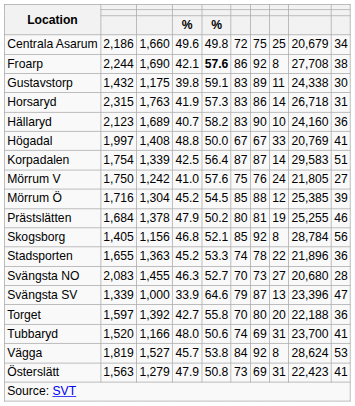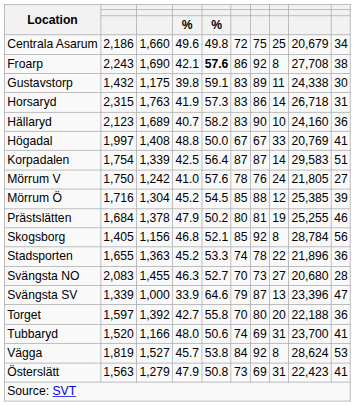 <table role="presentation" class="wikitable sortable mw-collapsible mw-collapsed">
 <tr>
 <th rowspan="3">Location</th>
 <th></th>
 <th></th>
 <th></th>
 <th></th>
 <th></th>
 <th></th>
 <th></th>
 <th></th>
 <th></th>
 </tr>
 <tr>
 <th></th>
 <th></th>
 <th style="background:"></th>
 <th style="background:"></th>
 <th></th>
 <th></th>
 <th></th>
 <th></th>
 <th></th>
 </tr>
 <tr>
 <th data-sort-type="number"></th>
 <th data-sort-type="number"></th>
 <th data-sort-type="number">%</th>
 <th data-sort-type="number">%</th>
 <th data-sort-type="number"></th>
 <th data-sort-type="number"></th>
 <th data-sort-type="number"></th>
 <th data-sort-type="number"></th>
 <th data-sort-type="number"></th>
 </tr>
 <tr>
 <td align="left">Centrala Asarum</td>
 <td>2,186</td>
 <td>1,660</td>
 <td>49.6</td>
 <td>49.8</td>
 <td>72</td>
 <td>75</td>
 <td>25</td>
 <td>20,679</td>
 <td>34</td>
 </tr>
 <tr>
 <td align="left">Froarp</td>
-<td>2,244</td>
+<td>2,243</td>
 <td>1,690</td>
 <td>42.1</td>
 <td><strong>57.6</strong></td>
 <td>86</td>
 <td>92</td>
 <td>8</td>
 <td>27,708</td>
 <td>38</td>
 </tr>
 <tr>
 <td align="left">Gustavstorp</td>
 <td>1,432</td>
 <td>1,175</td>
 <td>39.8</td>
 <td>59.1</td>
 <td>83</td>
 <td>89</td>
 <td>11</td>
 <td>24,338</td>
 <td>30</td>
 </tr>
 <tr>
 <td align="left">Horsaryd</td>
 <td>2,315</td>
 <td>1,763</td>
 <td>41.9</td>
 <td>57.3</td>
 <td>83</td>
 <td>86</td>
 <td>14</td>
 <td>26,718</td>
 <td>31</td>
 </tr>
 <tr>
 <td align="left">Hällaryd</td>
 <td>2,123</td>
 <td>1,689</td>
 <td>40.7</td>
 <td>58.2</td>
 <td>83</td>
 <td>90</td>
 <td>10</td>
 <td>24,160</td>
 <td>36</td>
 </tr>
 <tr>
 <td align="left">Högadal</td>
 <td>1,997</td>
 <td>1,408</td>
 <td>48.8</td>
 <td>50.0</td>
 <td>67</td>
 <td>67</td>
 <td>33</td>
 <td>20,769</td>
 <td>41</td>
 </tr>
 <tr>
 <td align="left">Korpadalen</td>
 <td>1,754</td>
 <td>1,339</td>
 <td>42.5</td>
 <td>56.4</td>
 <td>87</td>
 <td>87</td>
 <td>14</td>
 <td>29,583</td>
 <td>51</td>
 </tr>
 <tr>
 <td align="left">Mörrum V</td>
 <td>1,750</td>
 <td>1,242</td>
 <td>41.0</td>
 <td>57.6</td>
-<td>75</td>
+<td>78</td>
 <td>76</td>
 <td>24</td>
 <td>21,805</td>
 <td>27</td>
 </tr>
 <tr>
 <td align="left">Mörrum Ö</td>
 <td>1,716</td>
 <td>1,304</td>
 <td>45.2</td>
 <td>54.5</td>
 <td>85</td>
 <td>88</td>
 <td>12</td>
 <td>25,385</td>
 <td>39</td>
 </tr>
 <tr>
 <td align="left">Prästslätten</td>
 <td>1,684</td>
 <td>1,378</td>
 <td>47.9</td>
 <td>50.2</td>
 <td>80</td>
 <td>81</td>
 <td>19</td>
 <td>25,255</td>
 <td>46</td>
 </tr>
 <tr>
 <td align="left">Skogsborg</td>
 <td>1,405</td>
 <td>1,156</td>
 <td>46.8</td>
 <td>52.1</td>
 <td>85</td>
 <td>92</td>
 <td>8</td>
 <td>28,784</td>
 <td>56</td>
 </tr>
 <tr>
 <td align="left">Stadsporten</td>
 <td>1,655</td>
 <td>1,363</td>
 <td>45.2</td>
 <td>53.3</td>
 <td>74</td>
 <td>78</td>
 <td>22</td>
 <td>21,896</td>
 <td>36</td>
 </tr>
 <tr>
 <td align="left">Svängsta NO</td>
 <td>2,083</td>
 <td>1,455</td>
 <td>46.3</td>
 <td>52.7</td>
 <td>70</td>
 <td>73</td>
 <td>27</td>
 <td>20,680</td>
 <td>28</td>
 </tr>
 <tr>
 <td align="left">Svängsta SV</td>
 <td>1,339</td>
 <td>1,000</td>
 <td>33.9</td>
 <td>64.6</td>
 <td>79</td>
 <td>87</td>
 <td>13</td>
 <td>23,396</td>
 <td>47</td>
 </tr>
 <tr>
 <td align="left">Torget</td>
 <td>1,597</td>
 <td>1,392</td>
 <td>42.7</td>
 <td>55.8</td>
 <td>70</td>
 <td>80</td>
 <td>20</td>
 <td>22,188</td>
 <td>36</td>
 </tr>
 <tr>
 <td align="left">Tubbaryd</td>
 <td>1,520</td>
 <td>1,166</td>
 <td>48.0</td>
 <td>50.6</td>
 <td>74</td>
 <td>69</td>
 <td>31</td>
 <td>23,700</td>
 <td>41</td>
 </tr>
 <tr>
 <td align="left">Vägga</td>
 <td>1,819</td>
 <td>1,527</td>
 <td>45.7</td>
 <td>53.8</td>
 <td>84</td>
 <td>92</td>
 <td>8</td>
 <td>28,624</td>
 <td>53</td>
 </tr>
 <tr>
 <td align="left">Österslätt</td>
 <td>1,563</td>
 <td>1,279</td>
 <td>47.9</td>
 <td>50.8</td>
 <td>73</td>
 <td>69</td>
 <td>31</td>
 <td>22,423</td>
 <td>41</td>
 </tr>
 <tr>
 <td colspan="10" align="left">Source: <a href='#'>SVT</a></td>
 </tr>
 </table>
